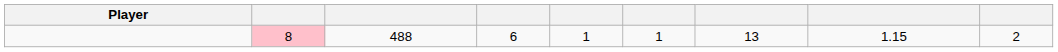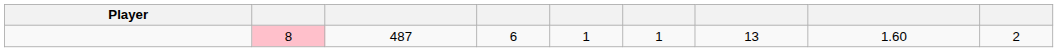 <table class="wikitable sortable" style="width:100%;">
 <tr style="text-align:center; background:#ddd;">
 <th>Player</th>
 <th></th>
 <th></th>
 <th></th>
 <th></th>
 <th></th>
 <th></th>
 <th></th>
 <th></th>
 </tr>
 <tr align=center>
 <td></td>
 <td style="background: pink;">8</td>
-<td>488</td>
+<td>487</td>
 <td>6</td>
 <td>1</td>
 <td>1</td>
 <td>13</td>
-<td>1.15</td>
+<td>1.60</td>
 <td>2</td>
 </tr>
 </table>
